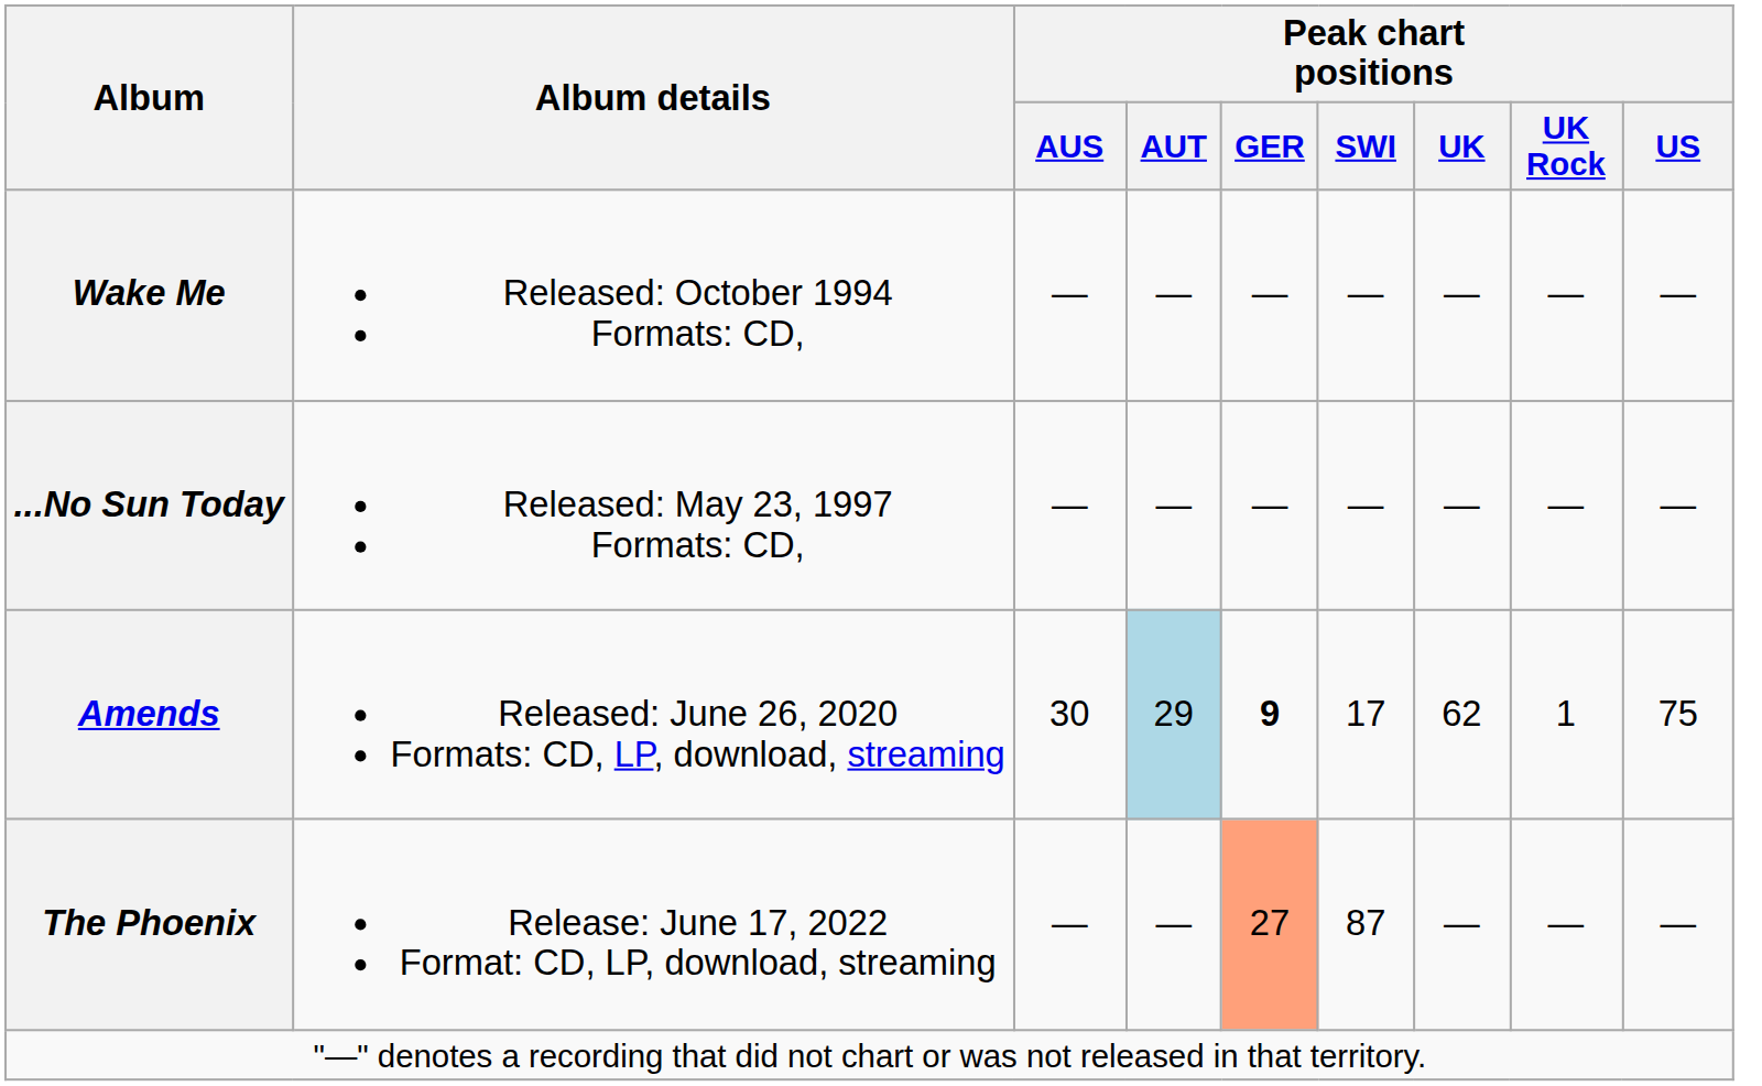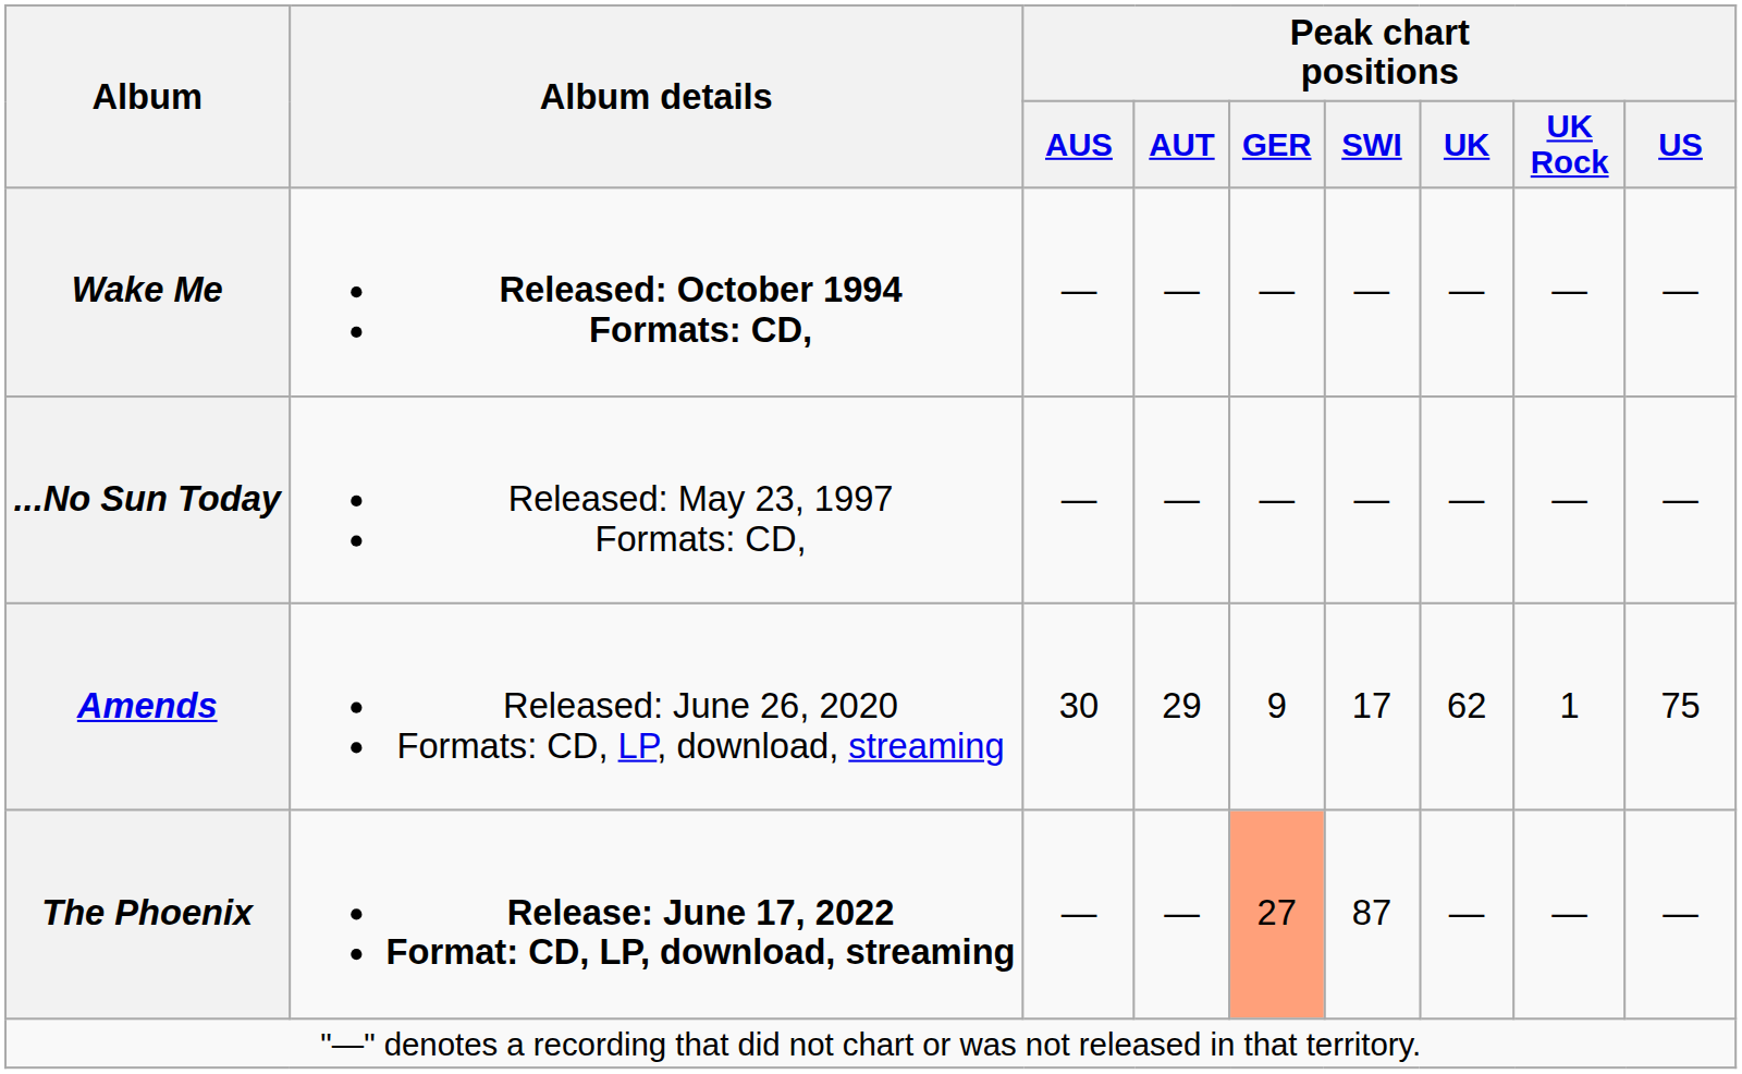 <table class="wikitable plainrowheaders" style="text-align:center;">
 <tr>
 <th rowspan="2">Album</th>
 <th rowspan="2">Album details</th>
 <th colspan="7">Peak chart<br>positions</th>
 </tr>
 <tr>
 <th scope="col" style="width:3em;font-size:90%;"><a href='#'>AUS</a></th>
 <th scope="col" style="width:2.5em;font-size:90%;"><a href='#'>AUT</a></th>
 <th scope="col" style="width:2.5em;font-size:90%;"><a href='#'>GER</a></th>
 <th scope="col" style="width:2.5em;font-size:90%;"><a href='#'>SWI</a></th>
 <th scope="col" style="width:2.5em;font-size:90%;"><a href='#'>UK</a></th>
 <th scope="col" style="width:3em;font-size:90%;"><a href='#'>UK<br>Rock</a></th>
 <th scope="col" style="width:3em;font-size:90%;"><a href='#'>US</a></th>
 </tr>
 <tr>
 <th scope="row"><em>Wake Me</em></th>
-<td><br><ul><li>Released: October 1994</li><li>Formats: CD,</li></ul></td>
+<td><strong><br><ul><li>Released: October 1994</li><li>Formats: CD,</li></ul></strong></td>
 <td>—</td>
 <td>—</td>
 <td>—</td>
 <td>—</td>
 <td>—</td>
 <td>—</td>
 <td>—</td>
 </tr>
 <tr>
 <th scope="row"><em>...No Sun Today</em></th>
 <td><br><ul><li>Released: May 23, 1997</li><li>Formats: CD,</li></ul></td>
 <td>—</td>
 <td>—</td>
 <td>—</td>
 <td>—</td>
 <td>—</td>
 <td>—</td>
 <td>—</td>
 </tr>
 <tr>
 <th scope="row"><em><a href='#'>Amends</a></em></th>
 <td><br><ul><li>Released: June 26, 2020</li><li>Formats: CD, <a href='#'>LP</a>, download, <a href='#'>streaming</a></li></ul></td>
 <td>30</td>
-<td style="background: lightblue;">29</td>
-<td><strong>9</strong></td>
+<td>29</td>
+<td>9</td>
 <td>17</td>
 <td>62</td>
 <td>1</td>
 <td>75</td>
 </tr>
 <tr>
 <th scope="row"><em>The Phoenix</em></th>
-<td><br><ul><li>Release: June 17, 2022</li><li>Format: CD, LP, download, streaming</li></ul></td>
+<td><strong><br><ul><li>Release: June 17, 2022</li><li>Format: CD, LP, download, streaming</li></ul></strong></td>
 <td>—</td>
 <td>—</td>
 <td style="background: lightsalmon;">27</td>
 <td>87</td>
 <td>—</td>
 <td>—</td>
 <td>—</td>
 </tr>
 <tr>
 <td colspan="14" style="font-size:90%">"—" denotes a recording that did not chart or was not released in that territory.</td>
 </tr>
 </table>
